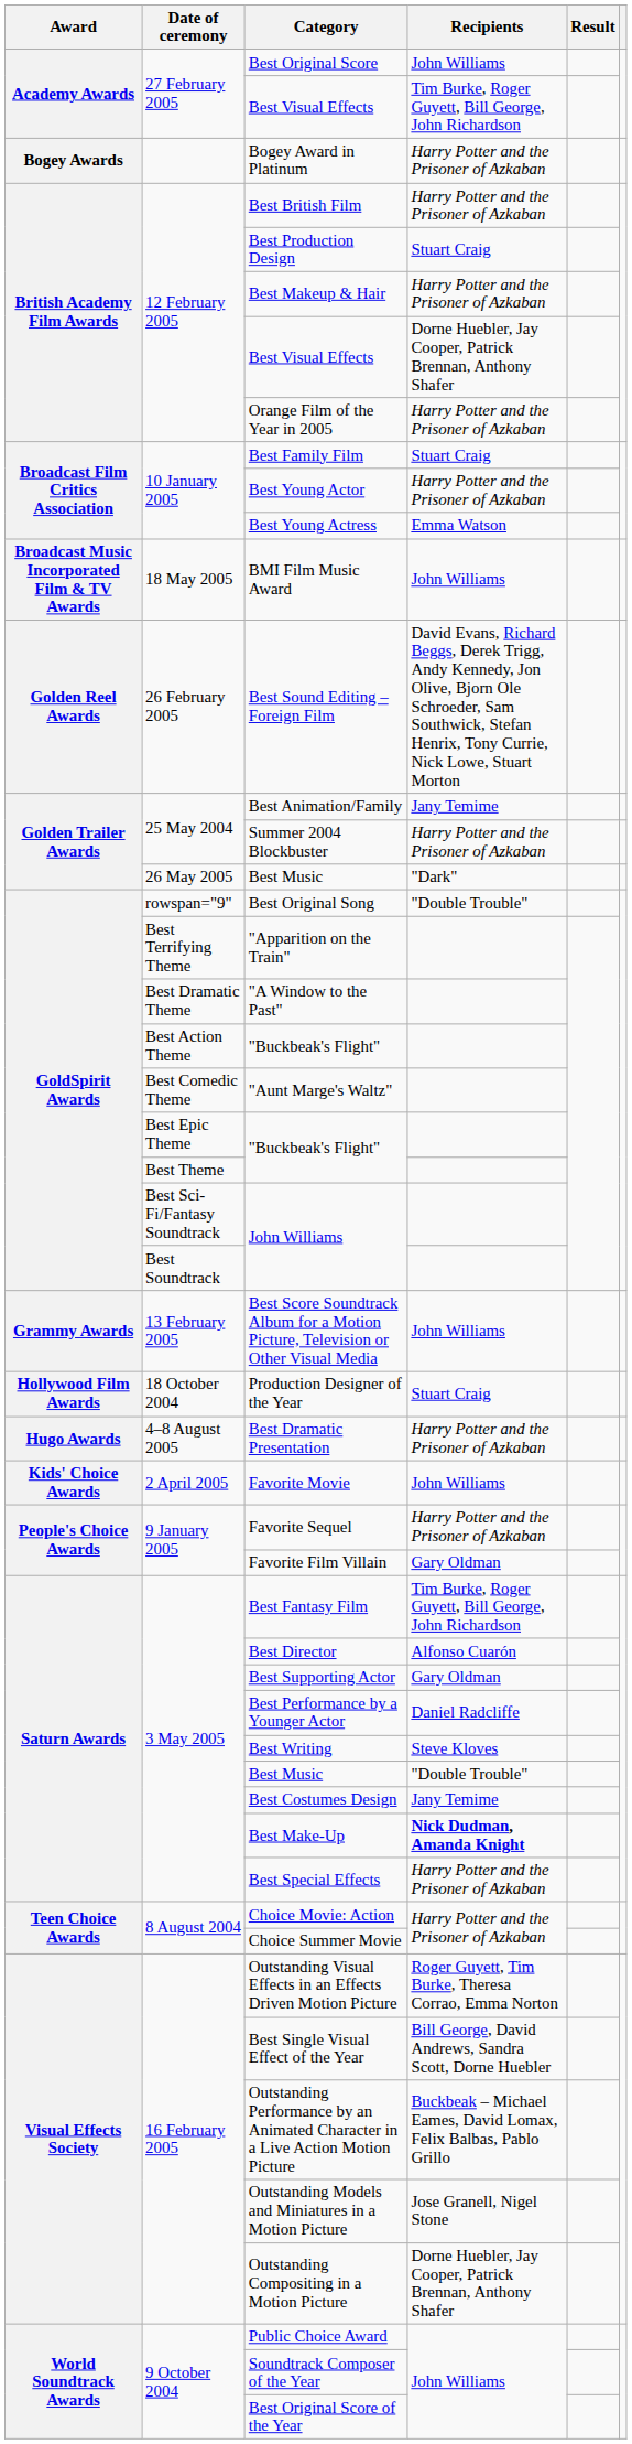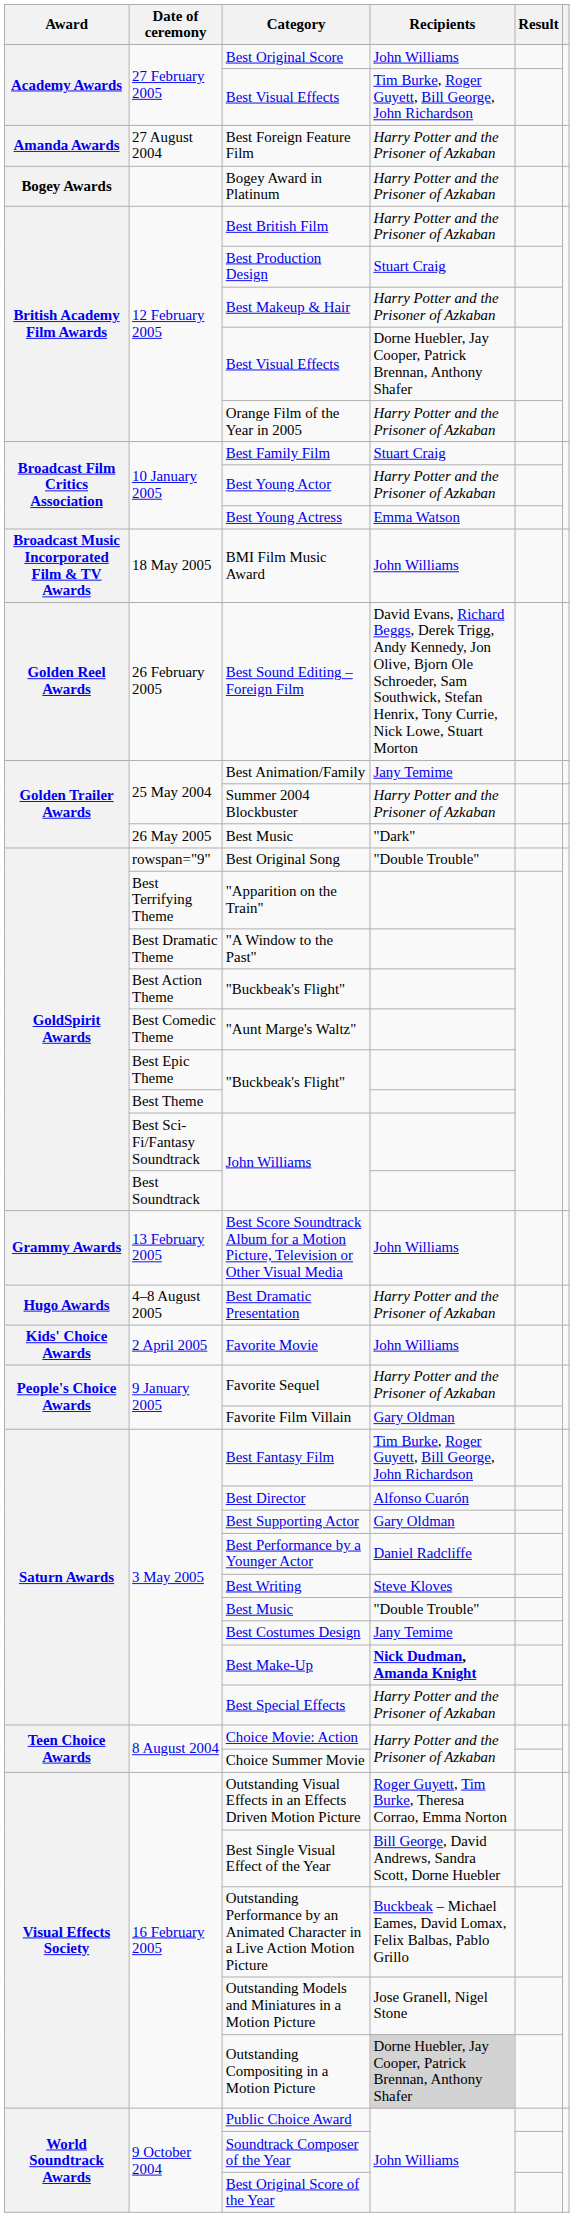 <table class="wikitable sortable plainrowheaders">
 <tr>
 <th scope="col" style="width:22%;">Award</th>
 <th scope="col">Date of ceremony</th>
 <th scope="col">Category</th>
 <th scope="col">Recipients</th>
 <th scope="col">Result</th>
 <th scope="col" class="unsortable"></th>
 </tr>
 <tr>
 <th scope="row" rowspan="2" style="text-align:center;"><a href='#'>Academy Awards</a></th>
 <td rowspan="2"><a href='#'>27 February 2005</a></td>
 <td><a href='#'>Best Original Score</a></td>
 <td><a href='#'>John Williams</a></td>
 <td></td>
 <td rowspan="2" style="text-align:center;"></td>
 </tr>
 <tr>
 <td><a href='#'>Best Visual Effects</a></td>
 <td><a href='#'>Tim Burke</a>, <a href='#'>Roger Guyett</a>, <a href='#'>Bill George</a>, <a href='#'>John Richardson</a></td>
 <td></td>
+</tr>
+<tr>
+<th scope="row" style="text-align:center;"><a href='#'>Amanda Awards</a></th>
+<td>27 August 2004</td>
+<td>Best Foreign Feature Film</td>
+<td><em>Harry Potter and the Prisoner of Azkaban</em></td>
+<td></td>
+<td style="text-align:center;"></td>
 </tr>
 <tr>
 <th scope="row" style="text-align:center;">Bogey Awards</th>
 <td></td>
 <td>Bogey Award in Platinum</td>
 <td><em>Harry Potter and the Prisoner of Azkaban</em></td>
 <td></td>
 <td style="text-align:center;"></td>
 </tr>
 <tr>
 <th scope="row" rowspan="5" style="text-align:center;"><a href='#'>British Academy Film Awards</a></th>
 <td rowspan="5"><a href='#'>12 February 2005</a></td>
 <td><a href='#'>Best British Film</a></td>
 <td><em>Harry Potter and the Prisoner of Azkaban</em></td>
 <td></td>
 <td rowspan="5" style="text-align:center;"></td>
 </tr>
 <tr>
 <td><a href='#'>Best Production Design</a></td>
 <td><a href='#'>Stuart Craig</a></td>
 <td></td>
 </tr>
 <tr>
 <td><a href='#'>Best Makeup & Hair</a></td>
 <td><em>Harry Potter and the Prisoner of Azkaban</em></td>
 <td></td>
 </tr>
 <tr>
 <td><a href='#'>Best Visual Effects</a></td>
 <td>Dorne Huebler, Jay Cooper, Patrick Brennan, Anthony Shafer</td>
 <td></td>
 </tr>
 <tr>
 <td>Orange Film of the Year in 2005</td>
 <td><em>Harry Potter and the Prisoner of Azkaban</em></td>
 <td></td>
 </tr>
 <tr>
 <th scope="row" rowspan="3" style="text-align:center;"><a href='#'>Broadcast Film Critics Association</a></th>
 <td rowspan="3"><a href='#'>10 January 2005</a></td>
 <td><a href='#'>Best Family Film</a></td>
 <td><a href='#'>Stuart Craig</a></td>
 <td></td>
 <td rowspan="3" style="text-align:center;"></td>
 </tr>
 <tr>
 <td><a href='#'>Best Young Actor</a></td>
 <td><em>Harry Potter and the Prisoner of Azkaban</em></td>
 <td></td>
 </tr>
 <tr>
 <td><a href='#'>Best Young Actress</a></td>
 <td><a href='#'>Emma Watson</a></td>
 <td></td>
 </tr>
 <tr>
 <th scope="row" style="text-align:center;"><a href='#'>Broadcast Music Incorporated Film & TV Awards</a></th>
 <td>18 May 2005</td>
 <td>BMI Film Music Award</td>
 <td><a href='#'>John Williams</a></td>
 <td></td>
 <td style="text-align:center;"></td>
 </tr>
 <tr>
 <th scope="row" style="text-align:center;"><a href='#'>Golden Reel Awards</a></th>
 <td>26 February 2005</td>
 <td><a href='#'>Best Sound Editing – Foreign Film</a></td>
 <td>David Evans, <a href='#'>Richard Beggs</a>, Derek Trigg, Andy Kennedy, Jon Olive, Bjorn Ole Schroeder, Sam Southwick, Stefan Henrix, Tony Currie, Nick Lowe, Stuart Morton</td>
 <td></td>
 <td style="text-align:center;"></td>
 </tr>
 <tr>
 <th scope="row" rowspan="3" style="text-align:center;"><a href='#'>Golden Trailer Awards</a></th>
 <td rowspan="2">25 May 2004</td>
 <td>Best Animation/Family</td>
 <td><a href='#'>Jany Temime</a></td>
 <td></td>
 <td style="text-align:center;"></td>
 </tr>
 <tr>
 <td>Summer 2004 Blockbuster</td>
 <td><em>Harry Potter and the Prisoner of Azkaban</em></td>
 <td></td>
 <td style="text-align:center;"></td>
 </tr>
 <tr>
 <td>26 May 2005</td>
 <td>Best Music</td>
 <td>"Dark"</td>
 <td></td>
 <td style="text-align:center;"></td>
 </tr>
 <tr>
 <th scope="row" rowspan="9" style="text-align:center;"><a href='#'>GoldSpirit Awards</a></th>
 <td>rowspan="9" </td>
 <td>Best Original Song</td>
 <td>"Double Trouble"</td>
 <td></td>
 <td rowspan="9" style="text-align:center;"></td>
 </tr>
 <tr>
 <td>Best Terrifying Theme</td>
 <td>"Apparition on the Train"</td>
 <td></td>
 </tr>
 <tr>
 <td>Best Dramatic Theme</td>
 <td>"A Window to the Past"</td>
 <td></td>
 </tr>
 <tr>
 <td>Best Action Theme</td>
 <td>"Buckbeak's Flight"</td>
 <td></td>
 </tr>
 <tr>
 <td>Best Comedic Theme</td>
 <td>"Aunt Marge's Waltz"</td>
 <td></td>
 </tr>
 <tr>
 <td>Best Epic Theme</td>
 <td rowspan="2">"Buckbeak's Flight"</td>
 <td></td>
 </tr>
 <tr>
 <td>Best Theme</td>
 <td></td>
 </tr>
 <tr>
 <td>Best Sci-Fi/Fantasy Soundtrack</td>
 <td rowspan="2"><a href='#'>John Williams</a></td>
 <td></td>
 </tr>
 <tr>
 <td>Best Soundtrack</td>
 <td></td>
 </tr>
 <tr>
 <th scope="row" style="text-align:center;"><a href='#'>Grammy Awards</a></th>
 <td><a href='#'>13 February 2005</a></td>
 <td><a href='#'>Best Score Soundtrack Album for a Motion Picture, Television or Other Visual Media</a></td>
 <td><a href='#'>John Williams</a></td>
 <td></td>
 <td style="text-align:center;"></td>
 </tr>
 <tr>
-<th scope="row" style="text-align:center;"><a href='#'>Hollywood Film Awards</a></th>
-<td>18 October 2004</td>
-<td>Production Designer of the Year</td>
-<td><a href='#'>Stuart Craig</a></td>
-<td></td>
-<td style="text-align:center;"></td>
-</tr>
-<tr>
 <th scope="row" style="text-align:center;"><a href='#'>Hugo Awards</a></th>
 <td>4–8 August 2005</td>
 <td><a href='#'>Best Dramatic Presentation</a></td>
 <td><em>Harry Potter and the Prisoner of Azkaban</em></td>
 <td></td>
 <td style="text-align:center;"></td>
 </tr>
 <tr>
 <th scope="row" style="text-align:center;"><a href='#'>Kids' Choice Awards</a></th>
 <td><a href='#'>2 April 2005</a></td>
 <td><a href='#'>Favorite Movie</a></td>
 <td><a href='#'>John Williams</a></td>
 <td></td>
 <td style="text-align:center;"></td>
 </tr>
 <tr>
 <th scope="row" rowspan="2" style="text-align:center;"><a href='#'>People's Choice Awards</a></th>
 <td rowspan="2"><a href='#'>9 January 2005</a></td>
 <td>Favorite Sequel</td>
 <td><em>Harry Potter and the Prisoner of Azkaban</em></td>
 <td></td>
 <td rowspan="2" style="text-align:center;"></td>
 </tr>
 <tr>
 <td>Favorite Film Villain</td>
 <td><a href='#'>Gary Oldman</a></td>
 <td></td>
 </tr>
 <tr>
 <th scope="row" rowspan="9" style="text-align:center;"><a href='#'>Saturn Awards</a></th>
 <td rowspan="9"><a href='#'>3 May 2005</a></td>
 <td><a href='#'>Best Fantasy Film</a></td>
 <td><a href='#'>Tim Burke</a>, <a href='#'>Roger Guyett</a>, <a href='#'>Bill George</a>, <a href='#'>John Richardson</a></td>
 <td></td>
 <td rowspan="9" style="text-align:center;"></td>
 </tr>
 <tr>
 <td><a href='#'>Best Director</a></td>
 <td><a href='#'>Alfonso Cuarón</a></td>
 <td></td>
 </tr>
 <tr>
 <td><a href='#'>Best Supporting Actor</a></td>
 <td><a href='#'>Gary Oldman</a></td>
 <td></td>
 </tr>
 <tr>
 <td><a href='#'>Best Performance by a Younger Actor</a></td>
 <td><a href='#'>Daniel Radcliffe</a></td>
 <td></td>
 </tr>
 <tr>
 <td><a href='#'>Best Writing</a></td>
 <td><a href='#'>Steve Kloves</a></td>
 <td></td>
 </tr>
 <tr>
 <td><a href='#'>Best Music</a></td>
 <td>"Double Trouble"</td>
 <td></td>
 </tr>
 <tr>
 <td><a href='#'>Best Costumes Design</a></td>
 <td><a href='#'>Jany Temime</a></td>
 <td></td>
 </tr>
 <tr>
 <td><a href='#'>Best Make-Up</a></td>
 <td><strong><a href='#'>Nick Dudman</a>, <a href='#'>Amanda Knight</a></strong></td>
 <td></td>
 </tr>
 <tr>
 <td><a href='#'>Best Special Effects</a></td>
 <td><em>Harry Potter and the Prisoner of Azkaban</em></td>
 <td></td>
 </tr>
 <tr>
 <th scope="row" rowspan="2" style="text-align:center;"><a href='#'>Teen Choice Awards</a></th>
 <td rowspan="2"><a href='#'>8 August 2004</a></td>
 <td><a href='#'>Choice Movie: Action</a></td>
 <td rowspan="2"><em>Harry Potter and the Prisoner of Azkaban</em></td>
 <td></td>
 <td rowspan="2" style="text-align:center;"></td>
 </tr>
 <tr>
 <td>Choice Summer Movie</td>
 <td></td>
 </tr>
 <tr>
 <th scope="row" rowspan="5" style="text-align:center;"><a href='#'>Visual Effects Society</a></th>
 <td rowspan="5"><a href='#'>16 February 2005</a></td>
 <td>Outstanding Visual Effects in an Effects Driven Motion Picture</td>
 <td><a href='#'>Roger Guyett</a>, <a href='#'>Tim Burke</a>, Theresa Corrao, Emma Norton</td>
 <td></td>
 <td rowspan="5" style="text-align:center;"></td>
 </tr>
 <tr>
 <td>Best Single Visual Effect of the Year</td>
 <td><a href='#'>Bill George</a>, David Andrews, Sandra Scott, Dorne Huebler</td>
 <td></td>
 </tr>
 <tr>
 <td>Outstanding Performance by an Animated Character in a Live Action Motion Picture</td>
 <td><a href='#'>Buckbeak</a> – Michael Eames, David Lomax, Felix Balbas, Pablo Grillo</td>
 <td></td>
 </tr>
 <tr>
 <td>Outstanding Models and Miniatures in a Motion Picture</td>
 <td>Jose Granell, Nigel Stone</td>
 <td></td>
 </tr>
 <tr>
 <td>Outstanding Compositing in a Motion Picture</td>
-<td>Dorne Huebler, Jay Cooper, Patrick Brennan, Anthony Shafer</td>
+<td style="background: lightgrey;">Dorne Huebler, Jay Cooper, Patrick Brennan, Anthony Shafer</td>
 <td></td>
 </tr>
 <tr>
 <th scope="row" rowspan="3" style="text-align:center;"><a href='#'>World Soundtrack Awards</a></th>
 <td rowspan="3"><a href='#'>9 October 2004</a></td>
 <td><a href='#'>Public Choice Award</a></td>
 <td rowspan="3"><a href='#'>John Williams</a></td>
 <td></td>
 <td rowspan="3" style="text-align:center;"></td>
 </tr>
 <tr>
 <td><a href='#'>Soundtrack Composer of the Year</a></td>
 <td></td>
 </tr>
 <tr>
 <td><a href='#'>Best Original Score of the Year</a></td>
 <td></td>
 </tr>
 </table>
